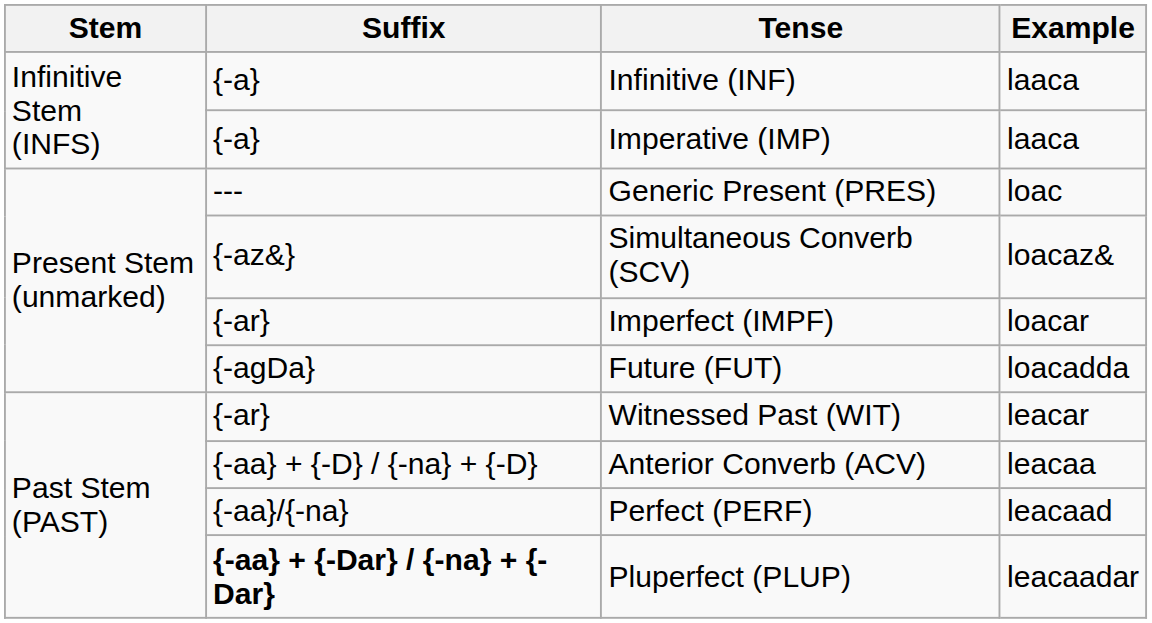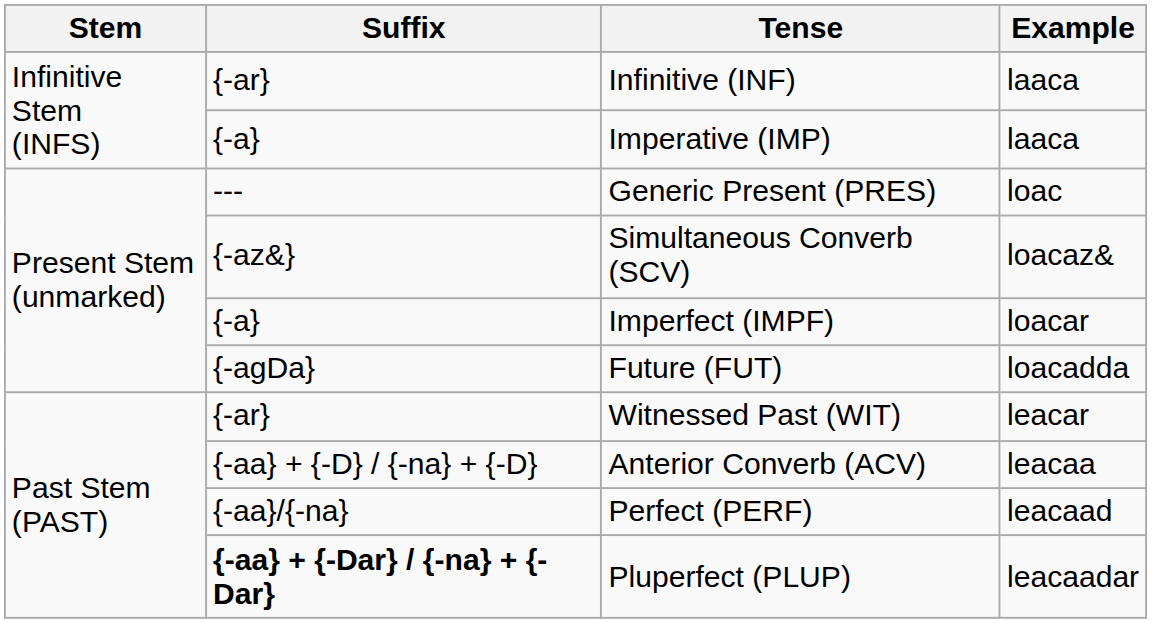 <table class="wikitable">
 <tr>
 <th>Stem</th>
 <th>Suffix</th>
 <th>Tense</th>
 <th>Example</th>
 </tr>
 <tr>
 <td rowspan="2">Infinitive Stem<br>(INFS)</td>
-<td>{-a}</td>
+<td>{-ar}</td>
 <td>Infinitive (INF)</td>
 <td>laaca</td>
 </tr>
 <tr>
 <td>{-a}</td>
 <td>Imperative (IMP)</td>
 <td>laaca</td>
 </tr>
 <tr>
 <td rowspan="4">Present Stem<br>(unmarked)</td>
 <td>---</td>
 <td>Generic Present (PRES)</td>
 <td>loac</td>
 </tr>
 <tr>
 <td>{-az&}</td>
 <td>Simultaneous Converb (SCV)</td>
 <td>loacaz&</td>
 </tr>
 <tr>
-<td>{-ar}</td>
+<td>{-a}</td>
 <td>Imperfect (IMPF)</td>
 <td>loacar</td>
 </tr>
 <tr>
 <td>{-agDa}</td>
 <td>Future (FUT)</td>
 <td>loacadda</td>
 </tr>
 <tr>
 <td rowspan="4">Past Stem<br>(PAST)</td>
 <td>{-ar}</td>
 <td>Witnessed Past (WIT)</td>
 <td>leacar</td>
 </tr>
 <tr>
 <td>{-aa} + {-D} / {-na} + {-D}</td>
 <td>Anterior Converb (ACV)</td>
 <td>leacaa</td>
 </tr>
 <tr>
 <td>{-aa}/{-na}</td>
 <td>Perfect (PERF)</td>
 <td>leacaad</td>
 </tr>
 <tr>
 <td><strong>{-aa} + {-Dar} / {-na} + {-Dar}</strong></td>
 <td>Pluperfect (PLUP)</td>
 <td>leacaadar</td>
 </tr>
 </table>
